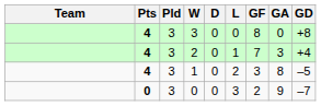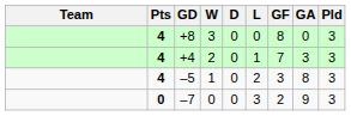 <table class=wikitable style="text-align:center">
 <tr>
 <th width=165>Team</th>
 <th width=20>Pts</th>
-<th width=20>Pld</th>
+<th width=20>GD</th>
 <th width=20>W</th>
 <th width=20>D</th>
 <th width=20>L</th>
 <th width=20>GF</th>
 <th width=20>GA</th>
-<th width=20>GD</th>
+<th width=20>Pld</th>
 </tr>
 <tr align=center style="background:#ccffcc;">
 <td style="text-align:left;"></td>
 <td><strong>4</strong></td>
-<td>3</td>
+<td>+8</td>
 <td>3</td>
 <td>0</td>
 <td>0</td>
 <td>8</td>
 <td>0</td>
-<td>+8</td>
+<td>3</td>
 </tr>
 <tr align=center style="background:#ccffcc;">
 <td style="text-align:left;"></td>
 <td><strong>4</strong></td>
-<td>3</td>
+<td>+4</td>
 <td>2</td>
 <td>0</td>
 <td>1</td>
 <td>7</td>
 <td>3</td>
-<td>+4</td>
+<td>3</td>
 </tr>
 <tr align=center>
 <td style="text-align:left;"></td>
 <td><strong>4</strong></td>
-<td>3</td>
+<td>–5</td>
 <td>1</td>
 <td>0</td>
 <td>2</td>
 <td>3</td>
 <td>8</td>
-<td>–5</td>
+<td>3</td>
 </tr>
 <tr align=center>
 <td style="text-align:left;"></td>
 <td><strong>0</strong></td>
-<td>3</td>
+<td>–7</td>
 <td>0</td>
 <td>0</td>
 <td>3</td>
 <td>2</td>
 <td>9</td>
-<td>–7</td>
+<td>3</td>
 </tr>
 </table>
